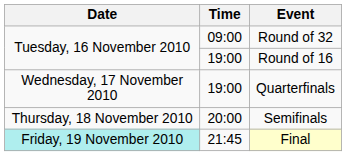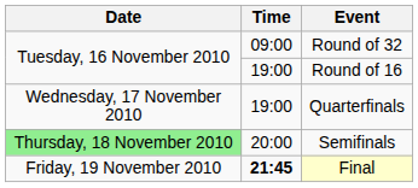 <table class = "wikitable" style="text-align:center;">
 <tr>
 <th width=220>Date</th>
 <th width=50>Time</th>
 <th width=100>Event</th>
 </tr>
 <tr>
 <td rowspan=2>Tuesday, 16 November 2010</td>
 <td>09:00</td>
 <td>Round of 32</td>
 </tr>
 <tr>
 <td>19:00</td>
 <td>Round of 16</td>
 </tr>
 <tr>
 <td>Wednesday, 17 November 2010</td>
 <td>19:00</td>
 <td>Quarterfinals</td>
 </tr>
 <tr>
-<td>Thursday, 18 November 2010</td>
+<td style="background: lightgreen;">Thursday, 18 November 2010</td>
 <td>20:00</td>
 <td>Semifinals</td>
 </tr>
 <tr>
-<td style="background: paleturquoise;">Friday, 19 November 2010</td>
-<td>21:45</td>
+<td>Friday, 19 November 2010</td>
+<td><strong>21:45</strong></td>
 <td bgcolor=ffffcc>Final</td>
 </tr>
 </table>
